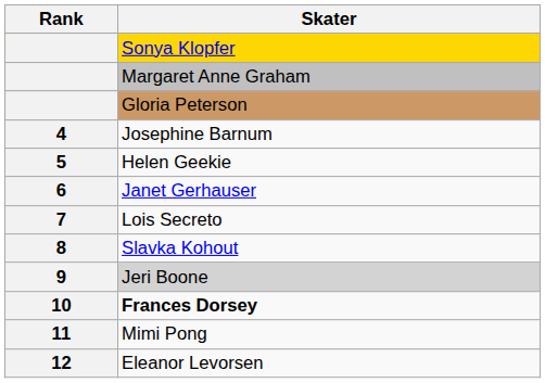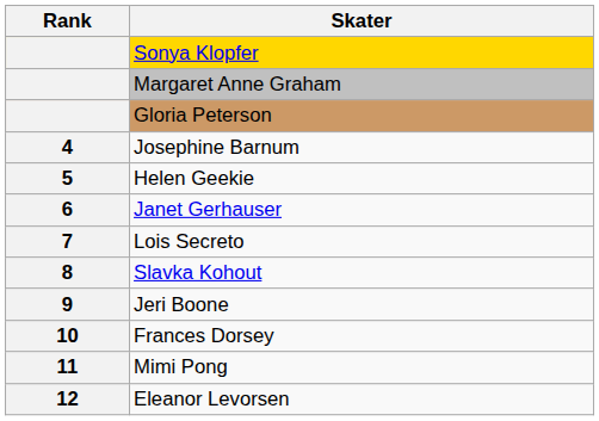 <table class="wikitable unsortable" style="text-align:left; width:30%">
 <tr>
 <th scope="col">Rank</th>
 <th scope="col">Skater</th>
 </tr>
 <tr bgcolor="gold">
 <th scope="row"></th>
 <td><a href='#'>Sonya Klopfer</a></td>
 </tr>
 <tr bgcolor="silver">
 <th scope="row"></th>
 <td>Margaret Anne Graham</td>
 </tr>
 <tr bgcolor="cc9966">
 <th scope="row"></th>
 <td>Gloria Peterson</td>
 </tr>
 <tr>
 <th scope="row">4</th>
 <td>Josephine Barnum</td>
 </tr>
 <tr>
 <th scope="row">5</th>
 <td>Helen Geekie</td>
 </tr>
 <tr>
 <th scope="row">6</th>
 <td><a href='#'>Janet Gerhauser</a></td>
 </tr>
 <tr>
 <th scope="row">7</th>
 <td>Lois Secreto</td>
 </tr>
 <tr>
 <th scope="row">8</th>
 <td><a href='#'>Slavka Kohout</a></td>
 </tr>
 <tr>
 <th scope="row">9</th>
-<td style="background: lightgrey;">Jeri Boone</td>
+<td>Jeri Boone</td>
 </tr>
 <tr>
 <th scope="row">10</th>
-<td><strong>Frances Dorsey</strong></td>
+<td>Frances Dorsey</td>
 </tr>
 <tr>
 <th scope="row">11</th>
 <td>Mimi Pong</td>
 </tr>
 <tr>
 <th scope="row">12</th>
 <td>Eleanor Levorsen</td>
 </tr>
 </table>
